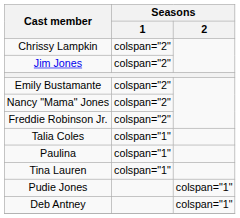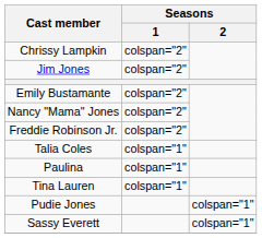 <table class="wikitable plainrowheaders" style="text-align:center;">
 <tr>
 <th scope="col" rowspan="2">Cast member</th>
 <th scope="col" colspan="2">Seasons</th>
 </tr>
 <tr>
 <th scope="col">1</th>
 <th scope="col">2</th>
 </tr>
 <tr>
 <td scope="row">Chrissy Lampkin</td>
 <td>colspan="2" </td>
 </tr>
 <tr>
 <td scope="row"><a href='#'>Jim Jones</a></td>
 <td>colspan="2" </td>
 </tr>
 <tr>
 <th scope="col" colspan="3"></th>
 </tr>
 <tr>
 <td scope="row">Emily Bustamante</td>
 <td>colspan="2" </td>
 </tr>
 <tr>
 <td scope="row">Nancy "Mama" Jones</td>
 <td>colspan="2" </td>
 </tr>
 <tr>
 <td scope="row">Freddie Robinson Jr.</td>
 <td>colspan="2" </td>
 </tr>
 <tr>
 <td scope="row">Talia Coles</td>
 <td>colspan="1" </td>
 <td></td>
 </tr>
 <tr>
 <td scope="row">Paulina</td>
 <td>colspan="1" </td>
 <td></td>
 </tr>
 <tr>
 <td scope="row">Tina Lauren</td>
 <td>colspan="1" </td>
 <td></td>
 </tr>
 <tr>
 <td scope="row">Pudie Jones</td>
 <td></td>
 <td>colspan="1" </td>
 </tr>
 <tr>
-<td scope="row">Deb Antney</td>
+<td scope="row">Sassy Everett</td>
 <td></td>
 <td>colspan="1" </td>
 </tr>
 <tr>
 </tr>
 </table>
